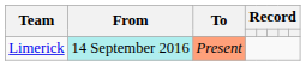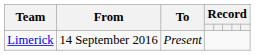 <table class=wikitable style="text-align: center">
 <tr>
 <th rowspan=2>Team</th>
 <th rowspan=2>From</th>
 <th rowspan=2>To</th>
 <th colspan=5>Record</th>
 </tr>
 <tr>
 <th></th>
 <th></th>
 <th></th>
 <th></th>
 <th></th>
 </tr>
 <tr>
 <td align=left><a href='#'>Limerick</a></td>
-<td align=left style="background: paleturquoise;">14 September 2016</td>
-<td align=left style="background: lightsalmon;"><em>Present</em><br></td>
+<td align=left>14 September 2016</td>
+<td align=left><em>Present</em><br></td>
 </tr>
 </table>
